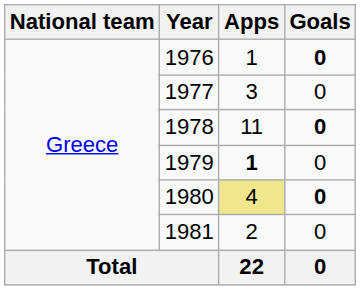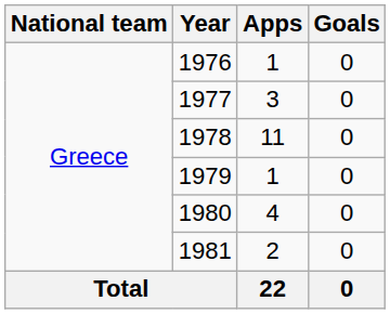 <table class="wikitable" style="text-align:center">
 <tr>
 <th>National team</th>
 <th>Year</th>
 <th>Apps</th>
 <th>Goals</th>
 </tr>
 <tr>
 <td rowspan=6><a href='#'>Greece</a></td>
 <td>1976</td>
 <td>1</td>
-<td><strong>0</strong></td>
+<td>0</td>
 </tr>
 <tr>
 <td>1977</td>
 <td>3</td>
 <td>0</td>
 </tr>
 <tr>
 <td>1978</td>
 <td>11</td>
-<td><strong>0</strong></td>
+<td>0</td>
 </tr>
 <tr>
 <td>1979</td>
-<td><strong>1</strong></td>
+<td>1</td>
 <td>0</td>
 </tr>
 <tr>
 <td>1980</td>
-<td style="background: khaki;">4</td>
-<td><strong>0</strong></td>
+<td>4</td>
+<td>0</td>
 </tr>
 <tr>
 <td>1981</td>
 <td>2</td>
 <td>0</td>
 </tr>
 <tr>
 <th colspan=2>Total</th>
 <th>22</th>
 <th>0</th>
 </tr>
 </table>
